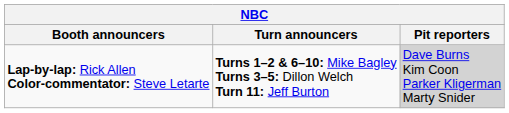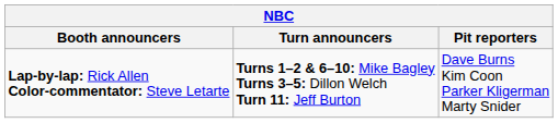 <table class="wikitable" style="font-size: 95%">
 <tr>
 <th colspan="3"><a href='#'>NBC</a></th>
 </tr>
 <tr>
 <th>Booth announcers</th>
 <th>Turn announcers</th>
 <th>Pit reporters</th>
 </tr>
 <tr>
 <td><strong>Lap-by-lap:</strong> <a href='#'>Rick Allen</a><br><strong>Color-commentator:</strong> <a href='#'>Steve Letarte</a></td>
 <td><strong>Turns 1–2 & 6–10:</strong> <a href='#'>Mike Bagley</a><br><strong>Turns 3–5:</strong> Dillon Welch<br><strong>Turn 11:</strong> <a href='#'>Jeff Burton</a></td>
-<td style="background: lightgrey;"><a href='#'>Dave Burns</a><br>Kim Coon<br><a href='#'>Parker Kligerman</a><br>Marty Snider</td>
+<td><a href='#'>Dave Burns</a><br>Kim Coon<br><a href='#'>Parker Kligerman</a><br>Marty Snider</td>
 </tr>
 </table>
